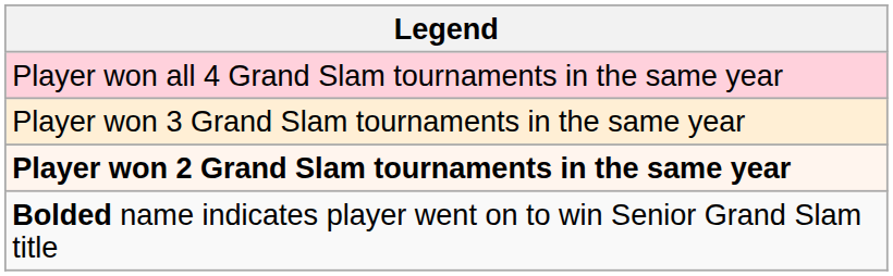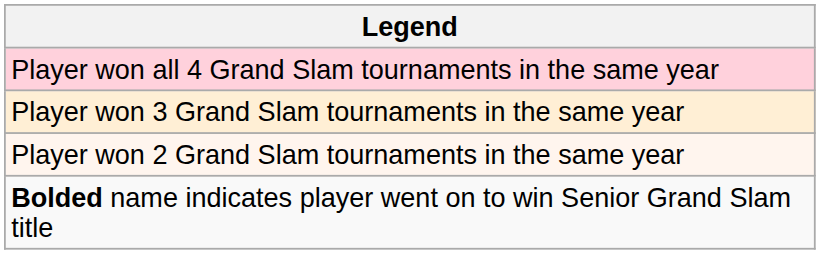 <table class="wikitable" style="font-size:95%; width:30em">
 <tr>
 <th>Legend</th>
 </tr>
 <tr>
 <td bgcolor="FFD1DC">Player won all 4 Grand Slam tournaments in the same year</td>
 </tr>
 <tr>
 <td bgcolor="FFEFD5">Player won 3 Grand Slam tournaments in the same year</td>
 </tr>
 <tr>
-<td bgcolor="#FFF5EE"><strong>Player won 2 Grand Slam tournaments in the same year</strong></td>
+<td bgcolor="#FFF5EE">Player won 2 Grand Slam tournaments in the same year</td>
 </tr>
 <tr>
 <td><strong>Bolded</strong> name indicates player went on to win Senior Grand Slam title</td>
 </tr>
 </table>
